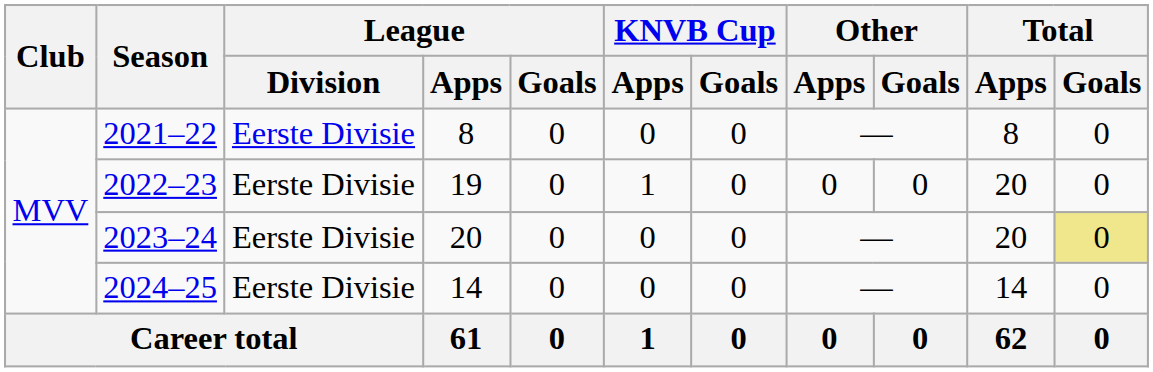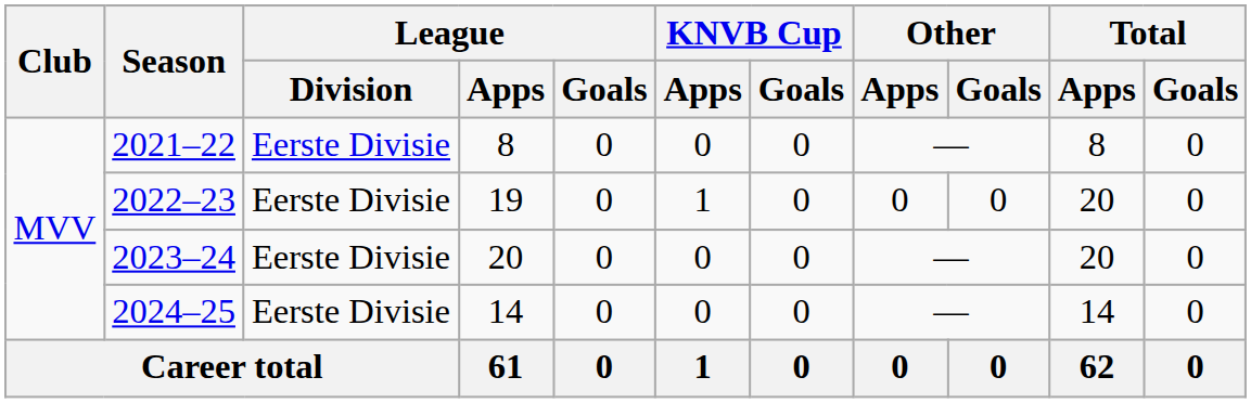 <table class="wikitable" style="text-align:center">
 <tr>
 <th rowspan="2">Club</th>
 <th rowspan="2">Season</th>
 <th colspan="3">League</th>
 <th colspan="2"><a href='#'>KNVB Cup</a></th>
 <th colspan="2">Other</th>
 <th colspan="2">Total</th>
 </tr>
 <tr>
 <th>Division</th>
 <th>Apps</th>
 <th>Goals</th>
 <th>Apps</th>
 <th>Goals</th>
 <th>Apps</th>
 <th>Goals</th>
 <th>Apps</th>
 <th>Goals</th>
 </tr>
 <tr>
 <td rowspan="4"><a href='#'>MVV</a></td>
 <td><a href='#'>2021–22</a></td>
 <td><a href='#'>Eerste Divisie</a></td>
 <td>8</td>
 <td>0</td>
 <td>0</td>
 <td>0</td>
 <td colspan="2">—</td>
 <td>8</td>
 <td>0</td>
 </tr>
 <tr>
 <td><a href='#'>2022–23</a></td>
 <td>Eerste Divisie</td>
 <td>19</td>
 <td>0</td>
 <td>1</td>
 <td>0</td>
 <td>0</td>
 <td>0</td>
 <td>20</td>
 <td>0</td>
 </tr>
 <tr>
 <td><a href='#'>2023–24</a></td>
 <td>Eerste Divisie</td>
 <td>20</td>
 <td>0</td>
 <td>0</td>
 <td>0</td>
 <td colspan="2">—</td>
 <td>20</td>
-<td style="background: khaki;">0</td>
+<td>0</td>
 </tr>
 <tr>
 <td><a href='#'>2024–25</a></td>
 <td>Eerste Divisie</td>
 <td>14</td>
 <td>0</td>
 <td>0</td>
 <td>0</td>
 <td colspan="2">—</td>
 <td>14</td>
 <td>0</td>
 </tr>
 <tr>
 <th colspan="3">Career total</th>
 <th>61</th>
 <th>0</th>
 <th>1</th>
 <th>0</th>
 <th>0</th>
 <th>0</th>
 <th>62</th>
 <th>0</th>
 </tr>
 </table>
